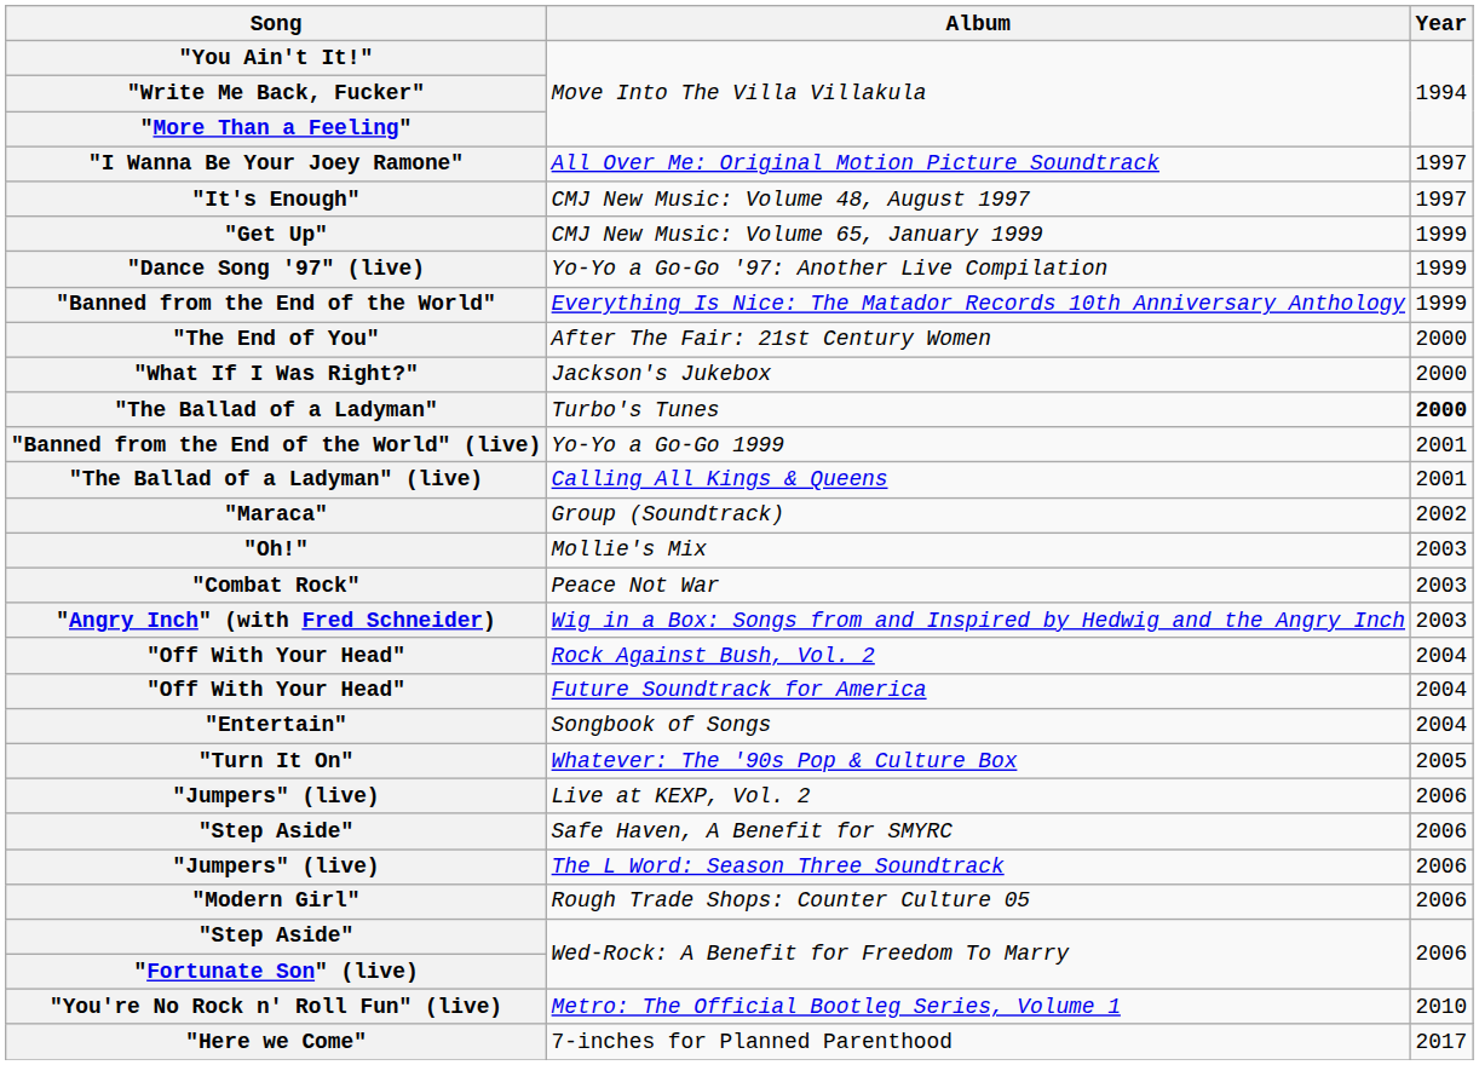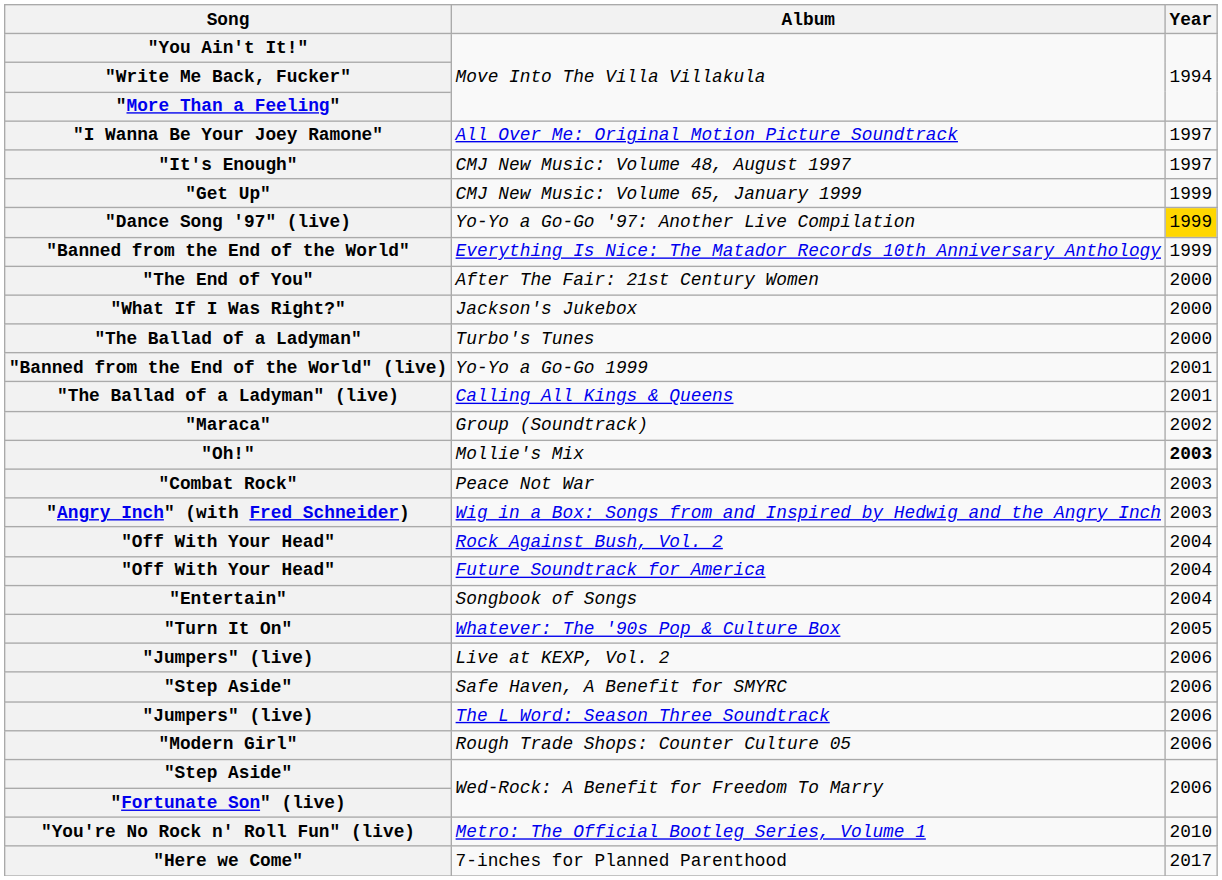 <table class="wikitable plainrowheaders" style="text-align:left">
 <tr>
 <th scope="col">Song</th>
 <th scope="col">Album</th>
 <th scope="col">Year</th>
 </tr>
 <tr>
 <th scope="row">"You Ain't It!"</th>
 <td rowspan="3"><em>Move Into The Villa Villakula</em></td>
 <td rowspan="3">1994</td>
 </tr>
 <tr>
 <th scope="row">"Write Me Back, Fucker"</th>
 </tr>
 <tr>
 <th scope="row">"<a href='#'>More Than a Feeling</a>"</th>
 </tr>
 <tr>
 <th scope="row">"I Wanna Be Your Joey Ramone"</th>
 <td><em><a href='#'>All Over Me: Original Motion Picture Soundtrack</a></em></td>
 <td>1997</td>
 </tr>
 <tr>
 <th scope="row">"It's Enough"</th>
 <td><em> CMJ New Music: Volume 48, August 1997</em></td>
 <td>1997</td>
 </tr>
 <tr>
 <th scope="row">"Get Up"</th>
 <td><em> CMJ New Music: Volume 65, January 1999</em></td>
 <td>1999</td>
 </tr>
 <tr>
 <th scope="row">"Dance Song '97" (live)</th>
 <td><em>Yo-Yo a Go-Go '97: Another Live Compilation</em></td>
-<td>1999</td>
+<td style="background: gold;">1999</td>
 </tr>
 <tr>
 <th scope="row">"Banned from the End of the World"</th>
 <td><em><a href='#'>Everything Is Nice: The Matador Records 10th Anniversary Anthology</a></em></td>
 <td>1999</td>
 </tr>
 <tr>
 <th scope="row">"The End of You"</th>
 <td><em>After The Fair: 21st Century Women</em></td>
 <td>2000</td>
 </tr>
 <tr>
 <th scope="row">"What If I Was Right?"</th>
 <td><em>Jackson's Jukebox</em></td>
 <td>2000</td>
 </tr>
 <tr>
 <th scope="row">"The Ballad of a Ladyman"</th>
 <td><em>Turbo's Tunes</em></td>
-<td><strong>2000</strong></td>
+<td>2000</td>
 </tr>
 <tr>
 <th scope="row">"Banned from the End of the World" (live)</th>
 <td><em>Yo-Yo a Go-Go 1999</em></td>
 <td>2001</td>
 </tr>
 <tr>
 <th scope="row">"The Ballad of a Ladyman" (live)</th>
 <td><em><a href='#'>Calling All Kings & Queens</a></em></td>
 <td>2001</td>
 </tr>
 <tr>
 <th scope="row">"Maraca"</th>
 <td><em>Group (Soundtrack)</em></td>
 <td>2002</td>
 </tr>
 <tr>
 <th scope="row">"Oh!"</th>
 <td><em>Mollie's Mix</em></td>
-<td>2003</td>
+<td><strong>2003</strong></td>
 </tr>
 <tr>
 <th scope="row">"Combat Rock"</th>
 <td><em>Peace Not War</em></td>
 <td>2003</td>
 </tr>
 <tr>
 <th scope="row">"<a href='#'>Angry Inch</a>" (with <a href='#'>Fred Schneider</a>)</th>
 <td><em><a href='#'>Wig in a Box: Songs from and Inspired by Hedwig and the Angry Inch</a></em></td>
 <td>2003</td>
 </tr>
 <tr>
 <th scope="row">"Off With Your Head"</th>
 <td><em><a href='#'>Rock Against Bush, Vol. 2</a></em></td>
 <td>2004</td>
 </tr>
 <tr>
 <th scope="row">"Off With Your Head"</th>
 <td><em><a href='#'>Future Soundtrack for America</a></em></td>
 <td>2004</td>
 </tr>
 <tr>
 <th scope="row">"Entertain"</th>
 <td><em>Songbook of Songs</em></td>
 <td>2004</td>
 </tr>
 <tr>
 <th scope="row">"Turn It On"</th>
 <td><em><a href='#'>Whatever: The '90s Pop & Culture Box</a></em></td>
 <td>2005</td>
 </tr>
 <tr>
 <th scope="row">"Jumpers" (live)</th>
 <td><em>Live at KEXP, Vol. 2</em></td>
 <td>2006</td>
 </tr>
 <tr>
 <th scope="row">"Step Aside"</th>
 <td><em>Safe Haven, A Benefit for SMYRC</em></td>
 <td>2006</td>
 </tr>
 <tr>
 <th scope="row">"Jumpers" (live)</th>
 <td><em><a href='#'>The L Word: Season Three Soundtrack</a></em></td>
 <td>2006</td>
 </tr>
 <tr>
 <th scope="row">"Modern Girl"</th>
 <td><em>Rough Trade Shops: Counter Culture 05</em></td>
 <td>2006</td>
 </tr>
 <tr>
 <th scope="row">"Step Aside"</th>
 <td rowspan="2"><em>Wed-Rock: A Benefit for Freedom To Marry</em></td>
 <td rowspan="2">2006</td>
 </tr>
 <tr>
 <th scope="row">"<a href='#'>Fortunate Son</a>" (live)</th>
 </tr>
 <tr>
 <th scope="row">"You're No Rock n' Roll Fun" (live)</th>
 <td><em><a href='#'>Metro: The Official Bootleg Series, Volume 1</a></em></td>
 <td>2010</td>
 </tr>
 <tr>
 <th scope="row">"Here we Come"</th>
 <td>7-inches for Planned Parenthood</td>
 <td>2017</td>
 </tr>
 </table>
